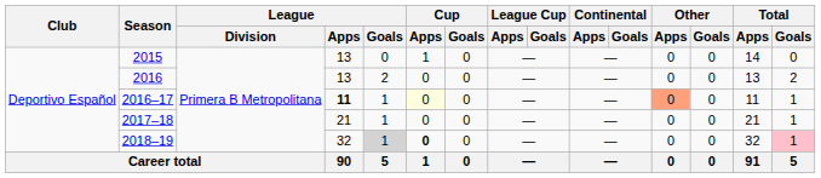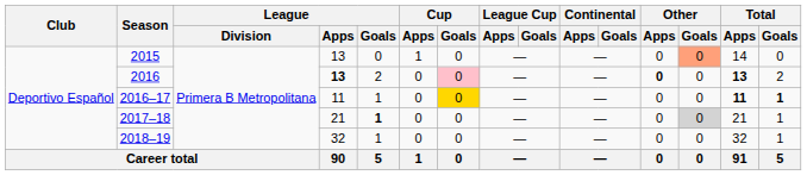 <table class="wikitable" style="text-align:center">
 <tr>
 <th rowspan="2">Club</th>
 <th rowspan="2">Season</th>
 <th colspan="3">League</th>
 <th colspan="2">Cup</th>
 <th colspan="2">League Cup</th>
 <th colspan="2">Continental</th>
 <th colspan="2">Other</th>
 <th colspan="2">Total</th>
 </tr>
 <tr>
 <th>Division</th>
 <th>Apps</th>
 <th>Goals</th>
 <th>Apps</th>
 <th>Goals</th>
 <th>Apps</th>
 <th>Goals</th>
 <th>Apps</th>
 <th>Goals</th>
 <th>Apps</th>
 <th>Goals</th>
 <th>Apps</th>
 <th>Goals</th>
 </tr>
 <tr>
 <td rowspan="5"><a href='#'>Deportivo Español</a></td>
 <td><a href='#'>2015</a></td>
 <td rowspan="5"><a href='#'>Primera B Metropolitana</a></td>
 <td>13</td>
 <td>0</td>
 <td>1</td>
 <td>0</td>
 <td colspan="2">—</td>
 <td colspan="2">—</td>
 <td>0</td>
-<td>0</td>
+<td style="background: lightsalmon;">0</td>
 <td>14</td>
 <td>0</td>
 </tr>
 <tr>
 <td><a href='#'>2016</a></td>
-<td>13</td>
+<td><strong>13</strong></td>
 <td>2</td>
+<td>0</td>
+<td style="background: pink;">0</td>
+<td colspan="2">—</td>
+<td colspan="2">—</td>
+<td><strong>0</strong></td>
+<td>0</td>
+<td><strong>13</strong></td>
+<td>2</td>
+</tr>
+<tr>
+<td><a href='#'>2016–17</a></td>
+<td>11</td>
+<td>1</td>
+<td>0</td>
+<td style="background: gold;">0</td>
+<td colspan="2">—</td>
+<td colspan="2">—</td>
+<td>0</td>
+<td>0</td>
+<td><strong>11</strong></td>
+<td><strong>1</strong></td>
+</tr>
+<tr>
+<td><a href='#'>2017–18</a></td>
+<td>21</td>
+<td><strong>1</strong></td>
 <td>0</td>
 <td>0</td>
 <td colspan="2">—</td>
 <td colspan="2">—</td>
 <td>0</td>
-<td>0</td>
-<td>13</td>
-<td>2</td>
-</tr>
-<tr>
-<td><a href='#'>2016–17</a></td>
-<td><strong>11</strong></td>
-<td>1</td>
-<td style="background: lightyellow;">0</td>
-<td>0</td>
-<td colspan="2">—</td>
-<td colspan="2">—</td>
-<td style="background: lightsalmon;">0</td>
-<td>0</td>
-<td>11</td>
+<td style="background: lightgrey;">0</td>
+<td>21</td>
 <td>1</td>
 </tr>
 <tr>
-<td><a href='#'>2017–18</a></td>
-<td>21</td>
+<td><a href='#'>2018–19</a></td>
+<td>32</td>
 <td>1</td>
 <td>0</td>
 <td>0</td>
 <td colspan="2">—</td>
 <td colspan="2">—</td>
 <td>0</td>
 <td>0</td>
-<td>21</td>
+<td>32</td>
 <td>1</td>
-</tr>
-<tr>
-<td><a href='#'>2018–19</a></td>
-<td>32</td>
-<td style="background: lightgrey;">1</td>
-<td><strong>0</strong></td>
-<td>0</td>
-<td colspan="2">—</td>
-<td colspan="2">—</td>
-<td>0</td>
-<td>0</td>
-<td>32</td>
-<td style="background: pink;">1</td>
 </tr>
 <tr>
 <th colspan="3">Career total</th>
 <th>90</th>
 <th>5</th>
 <th>1</th>
 <th>0</th>
 <th colspan="2">—</th>
 <th colspan="2">—</th>
 <th>0</th>
 <th>0</th>
 <th>91</th>
 <th>5</th>
 </tr>
 </table>
